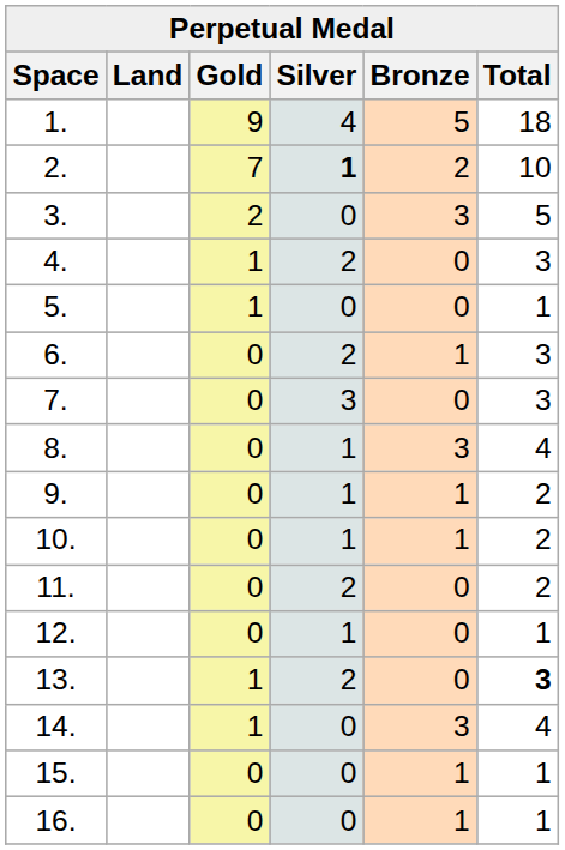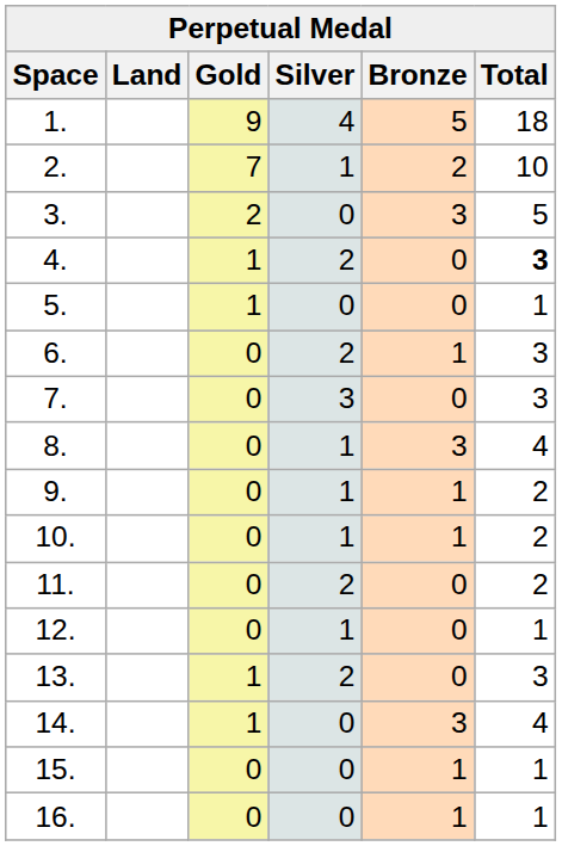 <table class="wikitable">
 <tr ---- bgcolor="#efefef">
 <td colspan=7 align="center"><strong>Perpetual Medal</strong></td>
 </tr>
 <tr style="background:#efefef" align="right">
 <th align="center">Space</th>
 <th align="left">Land</th>
 <th>Gold</th>
 <th>Silver</th>
 <th>Bronze</th>
 <th>Total</th>
 </tr>
 <tr bgcolor="#FFFFFF" align="right">
 <td align="center">1.</td>
 <td align="left"></td>
 <td style="background:#F7F6A8;">9</td>
 <td style="background:#DCE5E5;">4</td>
 <td style="background:#FFDAB9;">5</td>
 <td>18</td>
 </tr>
 <tr bgcolor="#FFFFFF" align="right">
 <td align="center">2.</td>
 <td align="left"></td>
 <td style="background:#F7F6A8;">7</td>
-<td style="background:#DCE5E5;"><strong>1</strong></td>
+<td style="background:#DCE5E5;">1</td>
 <td style="background:#FFDAB9;">2</td>
 <td>10</td>
 </tr>
 <tr bgcolor="#FFFFFF" align="right">
 <td align="center">3.</td>
 <td align="left"></td>
 <td style="background:#F7F6A8;">2</td>
 <td style="background:#DCE5E5;">0</td>
 <td style="background:#FFDAB9;">3</td>
 <td>5</td>
 </tr>
 <tr bgcolor="#FFFFFF" align="right">
 <td align="center">4.</td>
 <td align="left"></td>
 <td style="background:#F7F6A8;">1</td>
 <td style="background:#DCE5E5;">2</td>
 <td style="background:#FFDAB9;">0</td>
-<td>3</td>
+<td><strong>3</strong></td>
 </tr>
 <tr bgcolor="#FFFFFF" align="right">
 <td align="center">5.</td>
 <td align="left"></td>
 <td style="background:#F7F6A8;">1</td>
 <td style="background:#DCE5E5;">0</td>
 <td style="background:#FFDAB9;">0</td>
 <td>1</td>
 </tr>
 <tr bgcolor="#FFFFFF" align="right">
 <td align="center">6.</td>
 <td align="left"></td>
 <td style="background:#F7F6A8;">0</td>
 <td style="background:#DCE5E5;">2</td>
 <td style="background:#FFDAB9;">1</td>
 <td>3</td>
 </tr>
 <tr bgcolor="#FFFFFF" align="right">
 <td align="center">7.</td>
 <td align="left"></td>
 <td style="background:#F7F6A8;">0</td>
 <td style="background:#DCE5E5;">3</td>
 <td style="background:#FFDAB9;">0</td>
 <td>3</td>
 </tr>
 <tr bgcolor="#FFFFFF" align="right">
 <td align="center">8.</td>
 <td align="left"></td>
 <td style="background:#F7F6A8;">0</td>
 <td style="background:#DCE5E5;">1</td>
 <td style="background:#FFDAB9;">3</td>
 <td>4</td>
 </tr>
 <tr bgcolor="#FFFFFF" align="right">
 <td align="center">9.</td>
 <td align="left"></td>
 <td style="background:#F7F6A8;">0</td>
 <td style="background:#DCE5E5;">1</td>
 <td style="background:#FFDAB9;">1</td>
 <td>2</td>
 </tr>
 <tr bgcolor="#FFFFFF" align="right">
 <td align="center">10.</td>
 <td align="left"></td>
 <td style="background:#F7F6A8;">0</td>
 <td style="background:#DCE5E5;">1</td>
 <td style="background:#FFDAB9;">1</td>
 <td>2</td>
 </tr>
 <tr bgcolor="#FFFFFF" align="right">
 <td align="center">11.</td>
 <td align="left"></td>
 <td style="background:#F7F6A8;">0</td>
 <td style="background:#DCE5E5;">2</td>
 <td style="background:#FFDAB9;">0</td>
 <td>2</td>
 </tr>
 <tr bgcolor="#FFFFFF" align="right">
 <td align="center">12.</td>
 <td align="left"></td>
 <td style="background:#F7F6A8;">0</td>
 <td style="background:#DCE5E5;">1</td>
 <td style="background:#FFDAB9;">0</td>
 <td>1</td>
 </tr>
 <tr bgcolor="#FFFFFF" align="right">
 <td align="center">13.</td>
 <td align="left"></td>
 <td style="background:#F7F6A8;">1</td>
 <td style="background:#DCE5E5;">2</td>
 <td style="background:#FFDAB9;">0</td>
-<td><strong>3</strong></td>
+<td>3</td>
 </tr>
 <tr bgcolor="#FFFFFF" align="right">
 <td align="center">14.</td>
 <td align="left"></td>
 <td style="background:#F7F6A8;">1</td>
 <td style="background:#DCE5E5;">0</td>
 <td style="background:#FFDAB9;">3</td>
 <td>4</td>
 </tr>
 <tr bgcolor="#FFFFFF" align="right">
 <td align="center">15.</td>
 <td align="left"></td>
 <td style="background:#F7F6A8;">0</td>
 <td style="background:#DCE5E5;">0</td>
 <td style="background:#FFDAB9;">1</td>
 <td>1</td>
 </tr>
 <tr bgcolor="#FFFFFF" align="right">
 <td align="center">16.</td>
 <td align="left"></td>
 <td style="background:#F7F6A8;">0</td>
 <td style="background:#DCE5E5;">0</td>
 <td style="background:#FFDAB9;">1</td>
 <td>1</td>
 </tr>
 </table>
